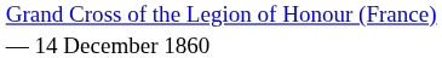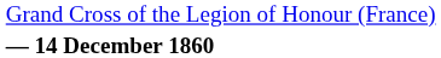 <table>
 <tr>
 <td rowspan=2 style="width:60px; vertical-align:top;"></td>
 <td><a href='#'>Grand Cross of the Legion of Honour (France)</a></td>
 </tr>
 <tr>
-<td>— 14 December 1860</td>
+<td><strong>— 14 December 1860</strong></td>
 </tr>
 </table>
